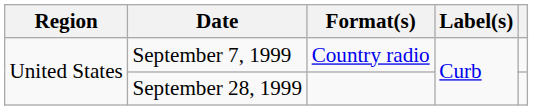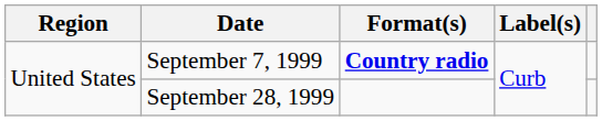 <table class="wikitable">
 <tr>
 <th>Region</th>
 <th>Date</th>
 <th>Format(s)</th>
 <th>Label(s)</th>
 <th></th>
 </tr>
 <tr>
 <td rowspan="2">United States</td>
 <td>September 7, 1999</td>
-<td><a href='#'>Country radio</a></td>
+<td><strong><a href='#'>Country radio</a></strong></td>
 <td rowspan="2"><a href='#'>Curb</a></td>
 <td></td>
 </tr>
 <tr>
 <td>September 28, 1999</td>
 <td></td>
 <td></td>
 </tr>
 </table>
